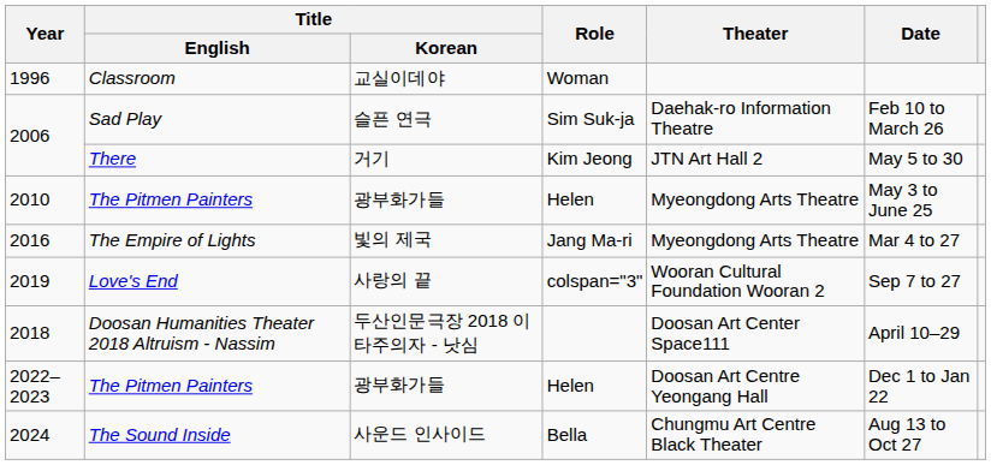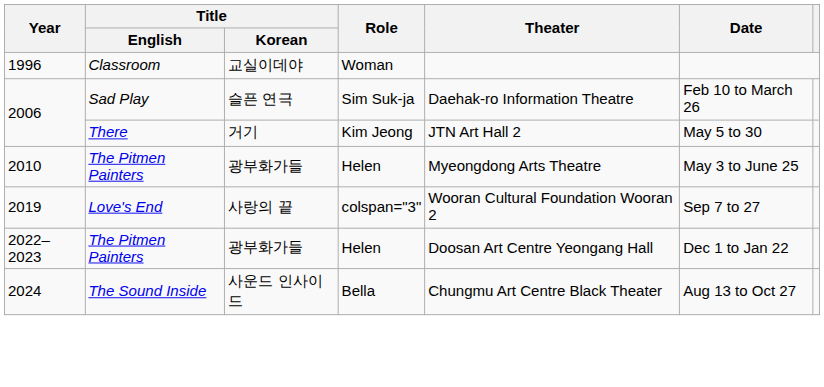 <table class="wikitable sortable plainrowheaders" style="text-align:left; font-size:100%;">
 <tr>
 <th rowspan="2" scope="col">Year</th>
 <th colspan="2" scope="col">Title</th>
 <th rowspan="2" scope="col">Role</th>
 <th rowspan="2" scope="col">Theater</th>
 <th rowspan="2" scope="col">Date</th>
 <th rowspan="2" scope="col" class="unsortable"></th>
 </tr>
 <tr>
 <th>English</th>
 <th>Korean</th>
 </tr>
 <tr>
 <td>1996</td>
 <td><em>Classroom</em></td>
 <td>교실이데야</td>
 <td>Woman</td>
 <td></td>
 </tr>
 <tr>
 <td rowspan="2">2006</td>
 <td><em>Sad Play</em></td>
 <td>슬픈 연극</td>
 <td>Sim Suk-ja</td>
 <td>Daehak-ro Information Theatre</td>
 <td>Feb 10 to March 26</td>
 <td></td>
 </tr>
 <tr>
 <td><em><a href='#'>There</a></em></td>
 <td>거기</td>
 <td>Kim Jeong</td>
 <td>JTN Art Hall 2</td>
 <td>May 5 to 30</td>
 <td></td>
 </tr>
 <tr>
 <td>2010</td>
 <td><em><a href='#'>The Pitmen Painters</a></em></td>
 <td>광부화가들</td>
 <td>Helen</td>
 <td>Myeongdong Arts Theatre</td>
 <td>May 3 to June 25</td>
 <td></td>
 </tr>
 <tr>
-<td>2016</td>
-<td><em>The Empire of Lights</em></td>
-<td>빛의 제국</td>
-<td>Jang Ma-ri</td>
-<td>Myeongdong Arts Theatre</td>
-<td>Mar 4 to 27</td>
-<td></td>
-</tr>
-<tr>
 <td>2019</td>
 <td><em><a href='#'>Love's End</a></em></td>
 <td>사랑의 끝</td>
 <td>colspan="3" </td>
 <td>Wooran Cultural Foundation Wooran 2</td>
 <td>Sep 7 to 27</td>
-<td></td>
-</tr>
-<tr>
-<td rowspan="1">2018</td>
-<td><em>Doosan Humanities Theater 2018 Altruism - Nassim</em></td>
-<td>두산인문극장 2018 이타주의자 - 낫심</td>
-<td></td>
-<td>Doosan Art Center Space111</td>
-<td>April 10–29</td>
 <td></td>
 </tr>
 <tr>
 <td>2022–2023</td>
 <td><em><a href='#'>The Pitmen Painters</a></em></td>
 <td>광부화가들</td>
 <td>Helen</td>
 <td>Doosan Art Centre Yeongang Hall</td>
 <td>Dec 1 to Jan 22</td>
 <td></td>
 </tr>
 <tr>
 <td>2024</td>
 <td><em><a href='#'>The Sound Inside</a></em></td>
 <td>사운드 인사이드</td>
 <td>Bella</td>
 <td>Chungmu Art Centre Black Theater</td>
 <td>Aug 13 to Oct 27</td>
 <td></td>
 </tr>
 </table>
